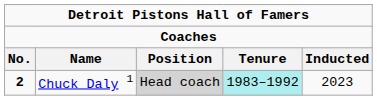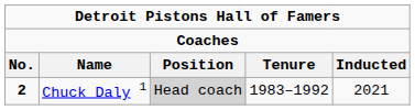 <table class="wikitable" style="text-align:center">
 <tr>
 <td colspan="5"><strong>Detroit Pistons Hall of Famers</strong></td>
 </tr>
 <tr>
 <td colspan="5"><strong>Coaches</strong></td>
 </tr>
 <tr>
 <th>No.</th>
 <th>Name</th>
 <th>Position</th>
 <th>Tenure</th>
 <th>Inducted</th>
 </tr>
 <tr>
 <td><strong>2</strong></td>
 <td><a href='#'>Chuck Daly</a> <sup>1</sup></td>
 <td style="background: lightgrey;">Head coach</td>
-<td style="background: paleturquoise;">1983–1992</td>
-<td>2023</td>
+<td>1983–1992</td>
+<td>2021</td>
 </tr>
 </table>
